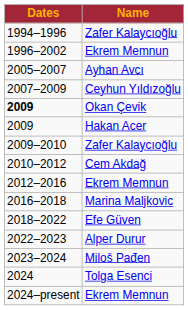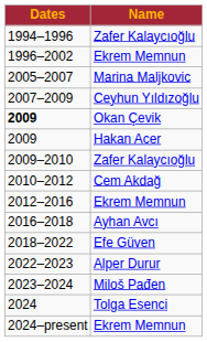 <table class="wikitable">
 <tr>
 <th style="color:#FFB300; background:#A32638;">Dates</th>
 <th style="color:#FFB300; background:#A32638;">Name</th>
 </tr>
 <tr>
 <td>1994–1996</td>
 <td> <a href='#'>Zafer Kalaycıoğlu</a></td>
 </tr>
 <tr>
 <td>1996–2002</td>
 <td> <a href='#'>Ekrem Memnun</a></td>
 </tr>
 <tr>
 <td>2005–2007</td>
-<td> <a href='#'>Ayhan Avcı</a></td>
+<td> <a href='#'>Marina Maljkovic</a></td>
 </tr>
 <tr>
 <td>2007–2009</td>
 <td> <a href='#'>Ceyhun Yıldızoğlu</a></td>
 </tr>
 <tr>
 <td><strong>2009</strong></td>
 <td> <a href='#'>Okan Çevik</a></td>
 </tr>
 <tr>
 <td>2009</td>
 <td> <a href='#'>Hakan Acer</a></td>
 </tr>
 <tr>
 <td>2009–2010</td>
 <td> <a href='#'>Zafer Kalaycıoğlu</a></td>
 </tr>
 <tr>
 <td>2010–2012</td>
 <td> <a href='#'>Cem Akdağ</a></td>
 </tr>
 <tr>
 <td>2012–2016</td>
 <td> <a href='#'>Ekrem Memnun</a></td>
 </tr>
 <tr>
 <td>2016–2018</td>
-<td> <a href='#'>Marina Maljkovic</a></td>
+<td> <a href='#'>Ayhan Avcı</a></td>
 </tr>
 <tr>
 <td>2018–2022</td>
 <td> <a href='#'>Efe Güven</a></td>
 </tr>
 <tr>
 <td>2022–2023</td>
 <td> <a href='#'>Alper Durur</a></td>
 </tr>
 <tr>
 <td>2023–2024</td>
 <td> <a href='#'>Miloš Pađen</a></td>
 </tr>
 <tr>
 <td>2024</td>
 <td> <a href='#'>Tolga Esenci</a></td>
 </tr>
 <tr>
 <td>2024–present</td>
 <td> <a href='#'>Ekrem Memnun</a></td>
 </tr>
 </table>
